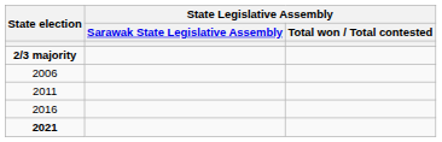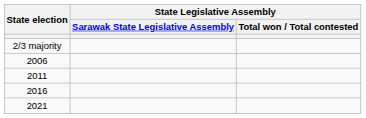 <table class="wikitable sortable" style="text-align:center; font-size:95%">
 <tr>
 <th rowspan=2>State election</th>
 <th colspan=2>State Legislative Assembly</th>
 </tr>
 <tr>
 <th><a href='#'>Sarawak State Legislative Assembly</a></th>
 <th>Total won / Total contested</th>
 </tr>
 <tr>
 <th></th>
 <th></th>
 <th></th>
 </tr>
 <tr>
-<td><strong>2/3 majority</strong></td>
+<td>2/3 majority</td>
 <td></td>
 <td></td>
 </tr>
 <tr>
 <td>2006</td>
 <td></td>
 <td></td>
 </tr>
 <tr>
 <td>2011</td>
 <td></td>
 <td></td>
 </tr>
 <tr>
 <td>2016</td>
 <td></td>
 <td></td>
 </tr>
 <tr>
-<td><strong>2021</strong></td>
+<td>2021</td>
 <td></td>
 <td></td>
 </tr>
 </table>
